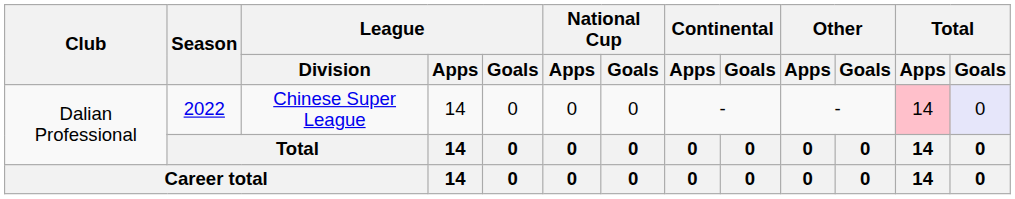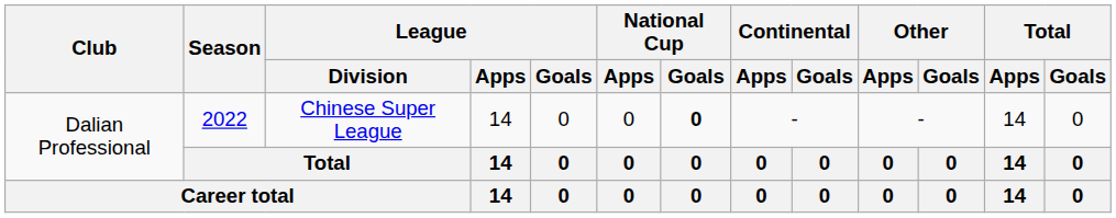 <table class="wikitable" style="text-align: center">
 <tr>
 <th rowspan="2">Club</th>
 <th rowspan="2">Season</th>
 <th colspan="3">League</th>
 <th colspan="2">National Cup</th>
 <th colspan="2">Continental</th>
 <th colspan="2">Other</th>
 <th colspan="2">Total</th>
 </tr>
 <tr>
 <th>Division</th>
 <th>Apps</th>
 <th>Goals</th>
 <th>Apps</th>
 <th>Goals</th>
 <th>Apps</th>
 <th>Goals</th>
 <th>Apps</th>
 <th>Goals</th>
 <th>Apps</th>
 <th>Goals</th>
 </tr>
 <tr>
 <td rowspan="2">Dalian Professional</td>
 <td><a href='#'>2022</a></td>
 <td><a href='#'>Chinese Super League</a></td>
 <td>14</td>
 <td>0</td>
 <td>0</td>
-<td>0</td>
+<td><strong>0</strong></td>
 <td colspan="2">-</td>
 <td colspan="2">-</td>
-<td style="background: pink;">14</td>
-<td style="background: lavender;">0</td>
+<td>14</td>
+<td>0</td>
 </tr>
 <tr>
 <th colspan="2">Total</th>
 <th>14</th>
 <th>0</th>
 <th>0</th>
 <th>0</th>
 <th>0</th>
 <th>0</th>
 <th>0</th>
 <th>0</th>
 <th>14</th>
 <th>0</th>
 </tr>
 <tr>
 <th colspan=3>Career total</th>
 <th>14</th>
 <th>0</th>
 <th>0</th>
 <th>0</th>
 <th>0</th>
 <th>0</th>
 <th>0</th>
 <th>0</th>
 <th>14</th>
 <th>0</th>
 </tr>
 </table>
